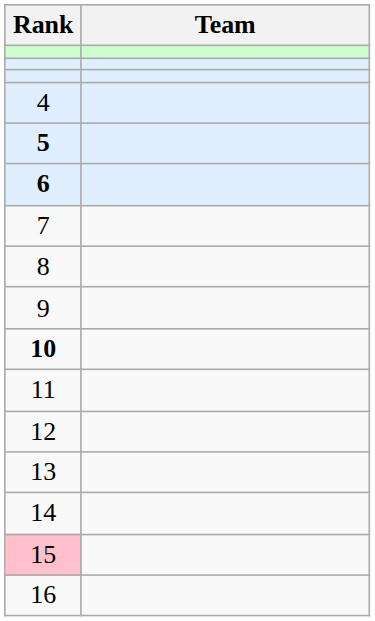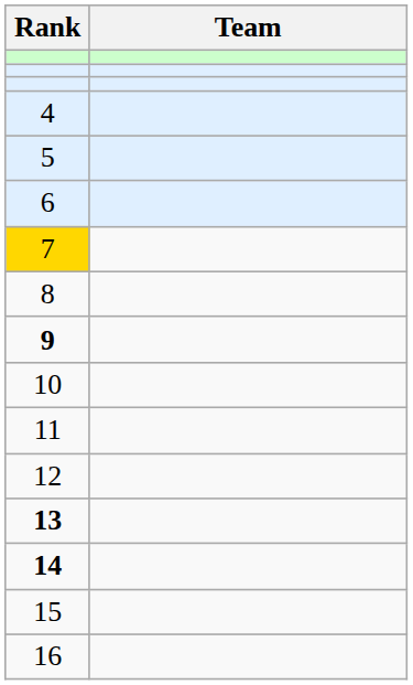 <table class="wikitable" style="text-align: center;">
 <tr>
 <th width=40>Rank</th>
 <th width=170>Team</th>
 </tr>
 <tr bgcolor=#ccffcc>
 <td></td>
 <td align="left"></td>
 </tr>
 <tr bgcolor=#dfefff>
 <td></td>
 <td align="left"></td>
 </tr>
 <tr bgcolor=#dfefff>
 <td></td>
 <td align="left"></td>
 </tr>
 <tr bgcolor=#dfefff>
 <td>4</td>
 <td align="left"></td>
 </tr>
 <tr bgcolor=#dfefff>
-<td><strong>5</strong></td>
+<td>5</td>
 <td align="left"></td>
 </tr>
 <tr bgcolor=#dfefff>
-<td><strong>6</strong></td>
+<td>6</td>
 <td align="left"></td>
 </tr>
 <tr>
-<td>7</td>
+<td style="background: gold;">7</td>
 <td align="left"></td>
 </tr>
 <tr>
 <td>8</td>
 <td align="left"></td>
 </tr>
 <tr>
-<td>9</td>
+<td><strong>9</strong></td>
 <td align="left"></td>
 </tr>
 <tr>
-<td><strong>10</strong></td>
+<td>10</td>
 <td align="left"></td>
 </tr>
 <tr>
 <td>11</td>
 <td align="left"></td>
 </tr>
 <tr>
 <td>12</td>
 <td align="left"></td>
 </tr>
 <tr>
-<td>13</td>
+<td><strong>13</strong></td>
 <td align="left"></td>
 </tr>
 <tr>
-<td>14</td>
+<td><strong>14</strong></td>
 <td align="left"></td>
 </tr>
 <tr>
-<td style="background: pink;">15</td>
+<td>15</td>
 <td align="left"></td>
 </tr>
 <tr>
 <td>16</td>
 <td align="left"></td>
 </tr>
 </table>
